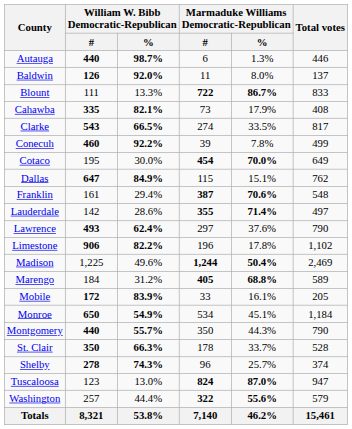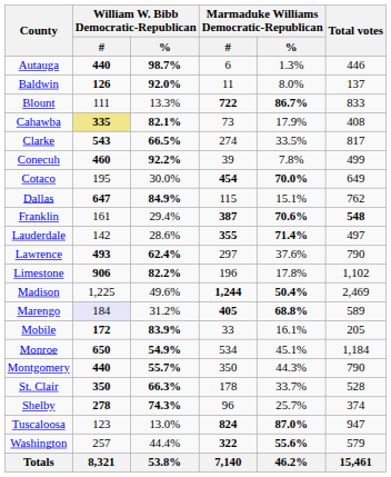 <table class="wikitable sortable">
 <tr>
 <th rowspan="2">County</th>
 <th colspan="2">William W. Bibb<br>Democratic-Republican</th>
 <th colspan="2">Marmaduke Williams<br>Democratic-Republican</th>
 <th rowspan="2">Total votes</th>
 </tr>
 <tr>
 <th>#</th>
 <th>%</th>
 <th>#</th>
 <th>%</th>
 </tr>
 <tr>
 <td align="center"><a href='#'>Autauga</a></td>
 <td align="center"><strong>440</strong></td>
 <td align="center"><strong>98.7%</strong></td>
 <td align="center">6</td>
 <td align="center">1.3%</td>
 <td align="center">446</td>
 </tr>
 <tr>
 <td align="center"><a href='#'>Baldwin</a></td>
 <td align="center"><strong>126</strong></td>
 <td align="center"><strong>92.0%</strong></td>
 <td align="center">11</td>
 <td align="center">8.0%</td>
 <td align="center">137</td>
 </tr>
 <tr>
 <td align="center"><a href='#'>Blount</a></td>
 <td align="center">111</td>
 <td align="center">13.3%</td>
 <td align="center"><strong>722</strong></td>
 <td align="center"><strong>86.7%</strong></td>
 <td align="center">833</td>
 </tr>
 <tr>
 <td align="center"><a href='#'>Cahawba</a></td>
-<td align="center"><strong>335</strong></td>
+<td align="center" style="background: khaki;"><strong>335</strong></td>
 <td align="center"><strong>82.1%</strong></td>
 <td align="center">73</td>
 <td align="center">17.9%</td>
 <td align="center">408</td>
 </tr>
 <tr>
 <td align="center"><a href='#'>Clarke</a></td>
 <td align="center"><strong>543</strong></td>
 <td align="center"><strong>66.5%</strong></td>
 <td align="center">274</td>
 <td align="center">33.5%</td>
 <td align="center">817</td>
 </tr>
 <tr>
 <td align="center"><a href='#'>Conecuh</a></td>
 <td align="center"><strong>460</strong></td>
 <td align="center"><strong>92.2%</strong></td>
 <td align="center">39</td>
 <td align="center">7.8%</td>
 <td align="center">499</td>
 </tr>
 <tr>
 <td align="center"><a href='#'>Cotaco</a></td>
 <td align="center">195</td>
 <td align="center">30.0%</td>
 <td align="center"><strong>454</strong></td>
 <td align="center"><strong>70.0%</strong></td>
 <td align="center">649</td>
 </tr>
 <tr>
 <td align="center"><a href='#'>Dallas</a></td>
 <td align="center"><strong>647</strong></td>
 <td align="center"><strong>84.9%</strong></td>
 <td align="center">115</td>
 <td align="center">15.1%</td>
 <td align="center">762</td>
 </tr>
 <tr>
 <td align="center"><a href='#'>Franklin</a></td>
 <td align="center">161</td>
 <td align="center">29.4%</td>
 <td align="center"><strong>387</strong></td>
 <td align="center"><strong>70.6%</strong></td>
-<td align="center">548</td>
+<td align="center"><strong>548</strong></td>
 </tr>
 <tr>
 <td align="center"><a href='#'>Lauderdale</a></td>
 <td align="center">142</td>
 <td align="center">28.6%</td>
 <td align="center"><strong>355</strong></td>
 <td align="center"><strong>71.4%</strong></td>
 <td align="center">497</td>
 </tr>
 <tr>
 <td align="center"><a href='#'>Lawrence</a></td>
 <td align="center"><strong>493</strong></td>
 <td align="center"><strong>62.4%</strong></td>
 <td align="center">297</td>
 <td align="center">37.6%</td>
 <td align="center">790</td>
 </tr>
 <tr>
 <td align="center"><a href='#'>Limestone</a></td>
 <td align="center"><strong>906</strong></td>
 <td align="center"><strong>82.2%</strong></td>
 <td align="center">196</td>
 <td align="center">17.8%</td>
 <td align="center">1,102</td>
 </tr>
 <tr>
 <td align="center"><a href='#'>Madison</a></td>
 <td align="center">1,225</td>
 <td align="center">49.6%</td>
 <td align="center"><strong>1,244</strong></td>
 <td align="center"><strong>50.4%</strong></td>
 <td align="center">2,469</td>
 </tr>
 <tr>
 <td align="center"><a href='#'>Marengo</a></td>
-<td align="center">184</td>
+<td align="center" style="background: lavender;">184</td>
 <td align="center">31.2%</td>
 <td align="center"><strong>405</strong></td>
 <td align="center"><strong>68.8%</strong></td>
 <td align="center">589</td>
 </tr>
 <tr>
 <td align="center"><a href='#'>Mobile</a></td>
 <td align="center"><strong>172</strong></td>
 <td align="center"><strong>83.9%</strong></td>
 <td align="center">33</td>
 <td align="center">16.1%</td>
 <td align="center">205</td>
 </tr>
 <tr>
 <td align="center"><a href='#'>Monroe</a></td>
 <td align="center"><strong>650</strong></td>
 <td align="center"><strong>54.9%</strong></td>
 <td align="center">534</td>
 <td align="center">45.1%</td>
 <td align="center">1,184</td>
 </tr>
 <tr>
 <td align="center"><a href='#'>Montgomery</a></td>
 <td align="center"><strong>440</strong></td>
 <td align="center"><strong>55.7%</strong></td>
 <td align="center">350</td>
 <td align="center">44.3%</td>
 <td align="center">790</td>
 </tr>
 <tr>
 <td align="center"><a href='#'>St. Clair</a></td>
 <td align="center"><strong>350</strong></td>
 <td align="center"><strong>66.3%</strong></td>
 <td align="center">178</td>
 <td align="center">33.7%</td>
 <td align="center">528</td>
 </tr>
 <tr>
 <td align="center"><a href='#'>Shelby</a></td>
 <td align="center"><strong>278</strong></td>
 <td align="center"><strong>74.3%</strong></td>
 <td align="center">96</td>
 <td align="center">25.7%</td>
 <td align="center">374</td>
 </tr>
 <tr>
 <td align="center"><a href='#'>Tuscaloosa</a></td>
 <td align="center">123</td>
 <td align="center">13.0%</td>
 <td align="center"><strong>824</strong></td>
 <td align="center"><strong>87.0%</strong></td>
 <td align="center">947</td>
 </tr>
 <tr>
 <td align="center"><a href='#'>Washington</a></td>
 <td align="center">257</td>
 <td align="center">44.4%</td>
 <td align="center"><strong>322</strong></td>
 <td align="center"><strong>55.6%</strong></td>
 <td align="center">579</td>
 </tr>
 <tr>
 <th>Totals</th>
 <th>8,321</th>
 <th>53.8%</th>
 <th>7,140</th>
 <th>46.2%</th>
 <th>15,461</th>
 </tr>
 </table>
